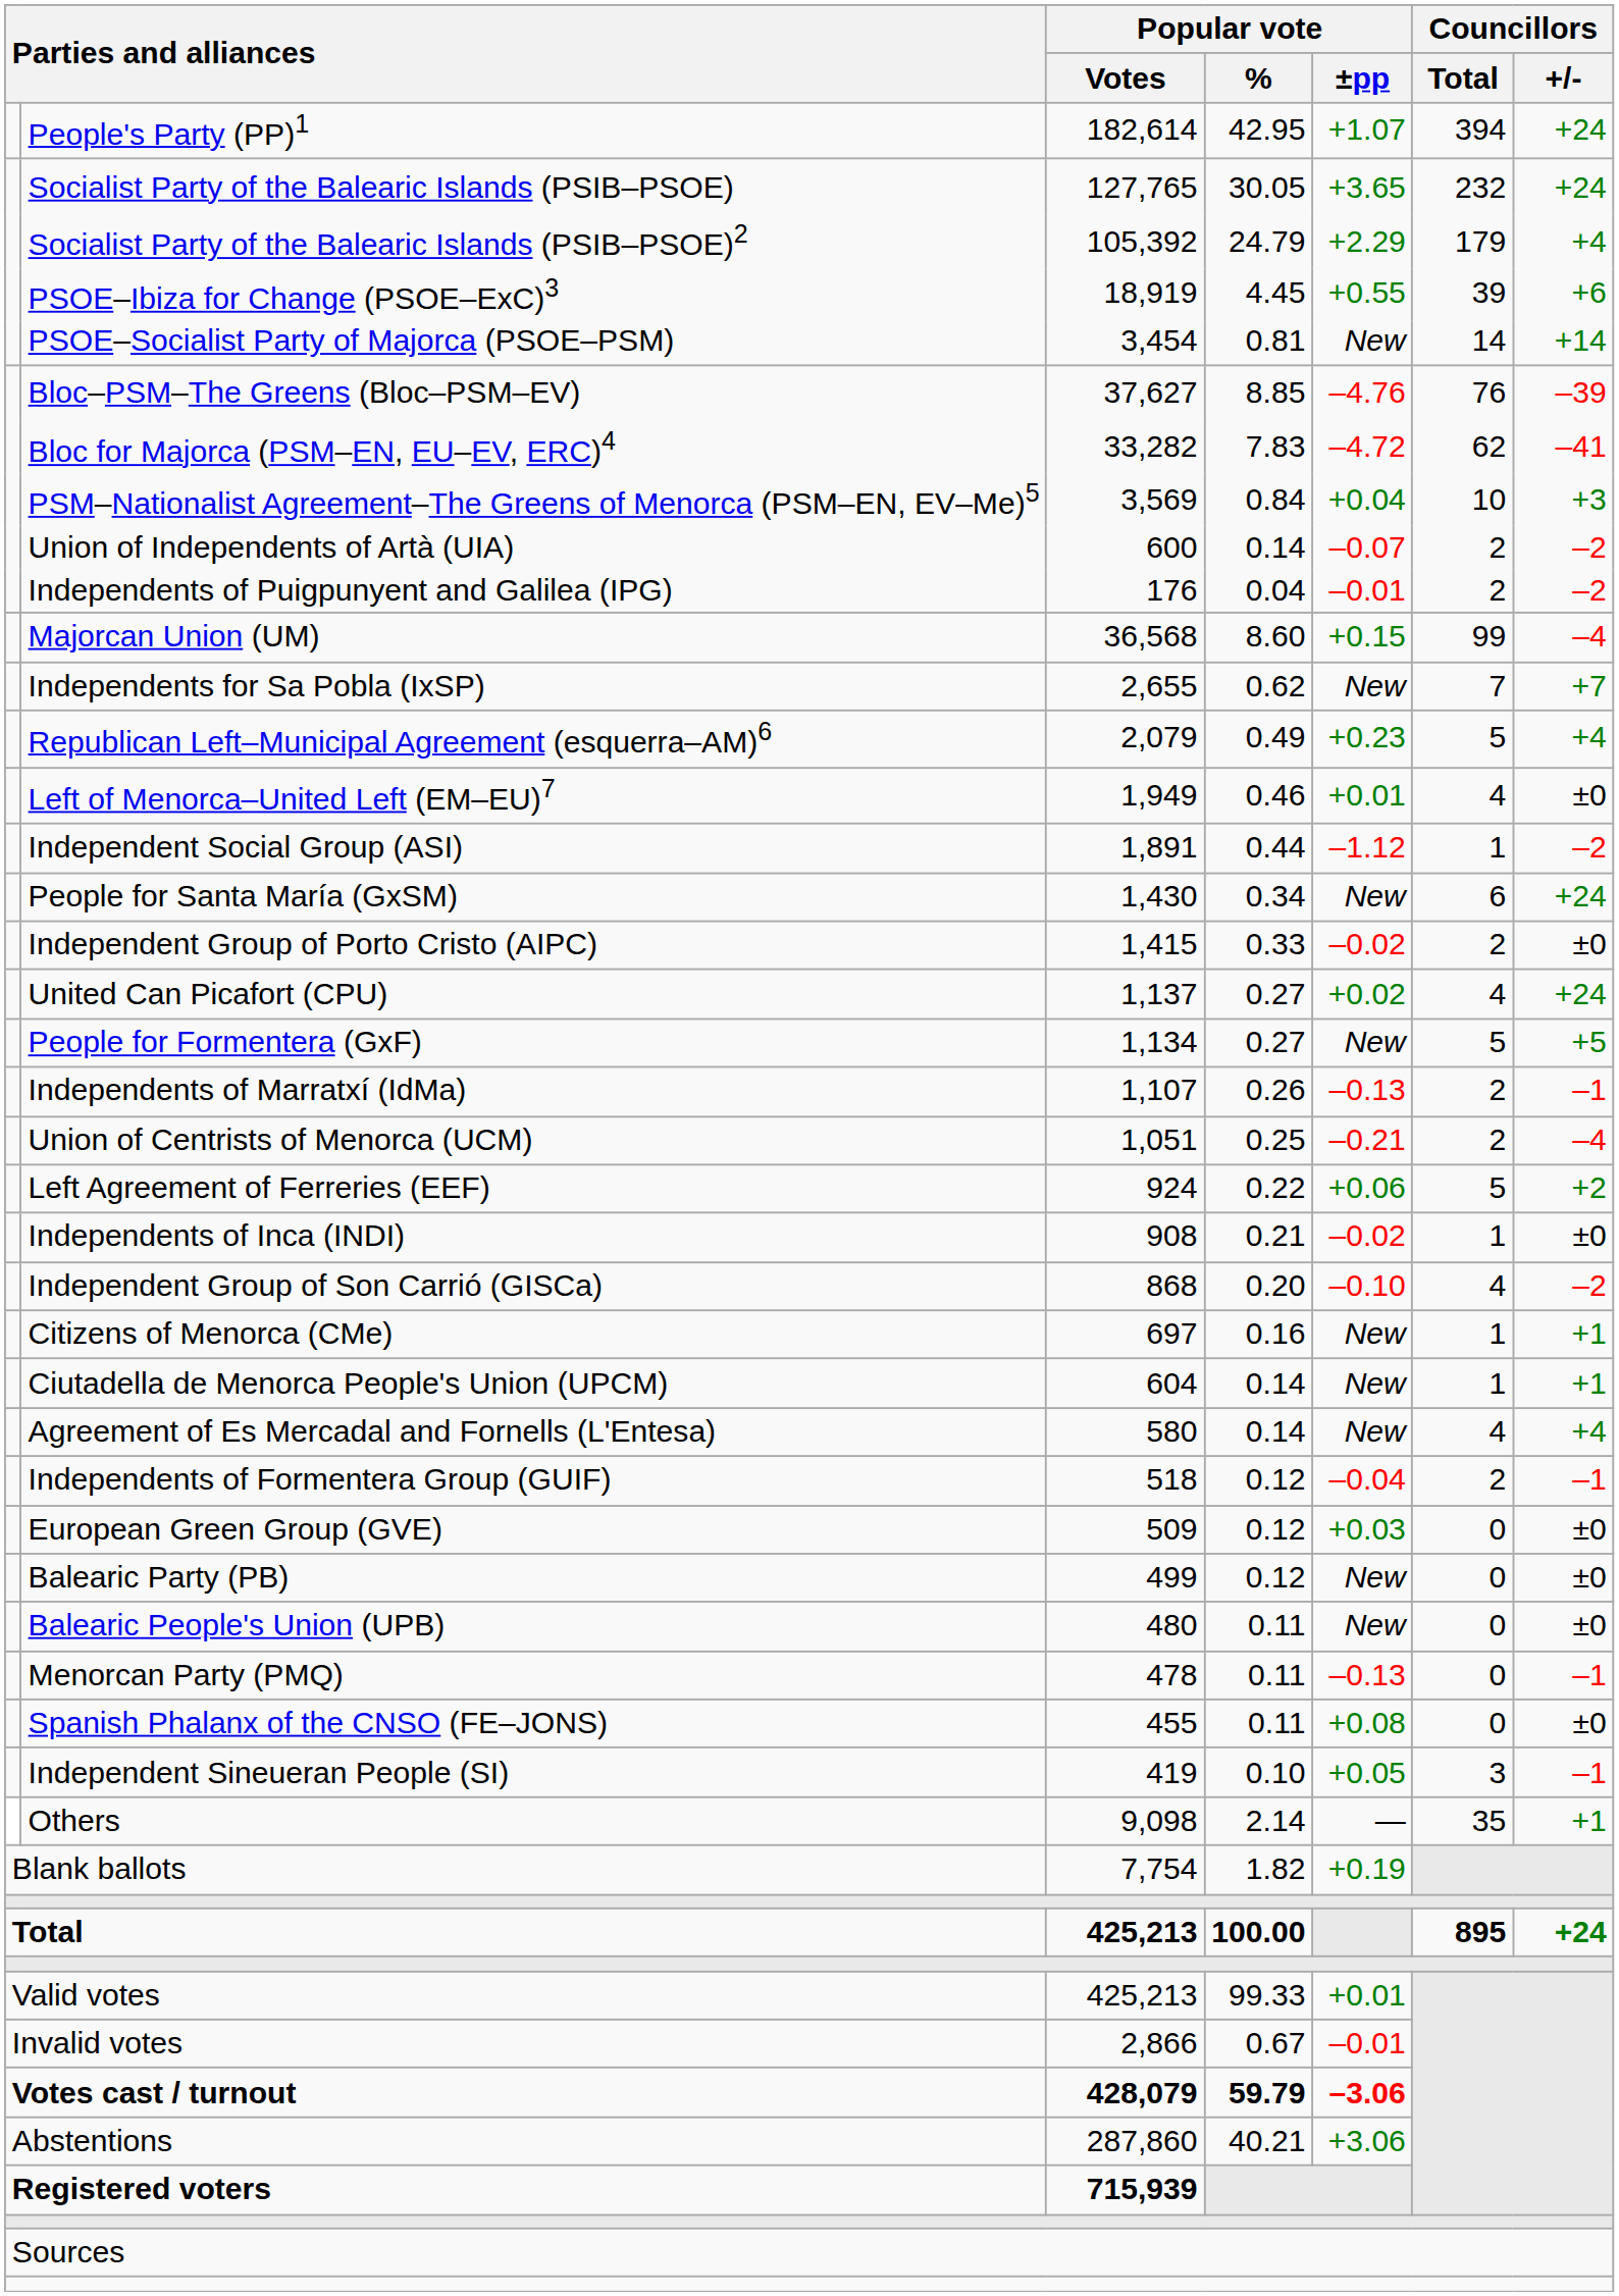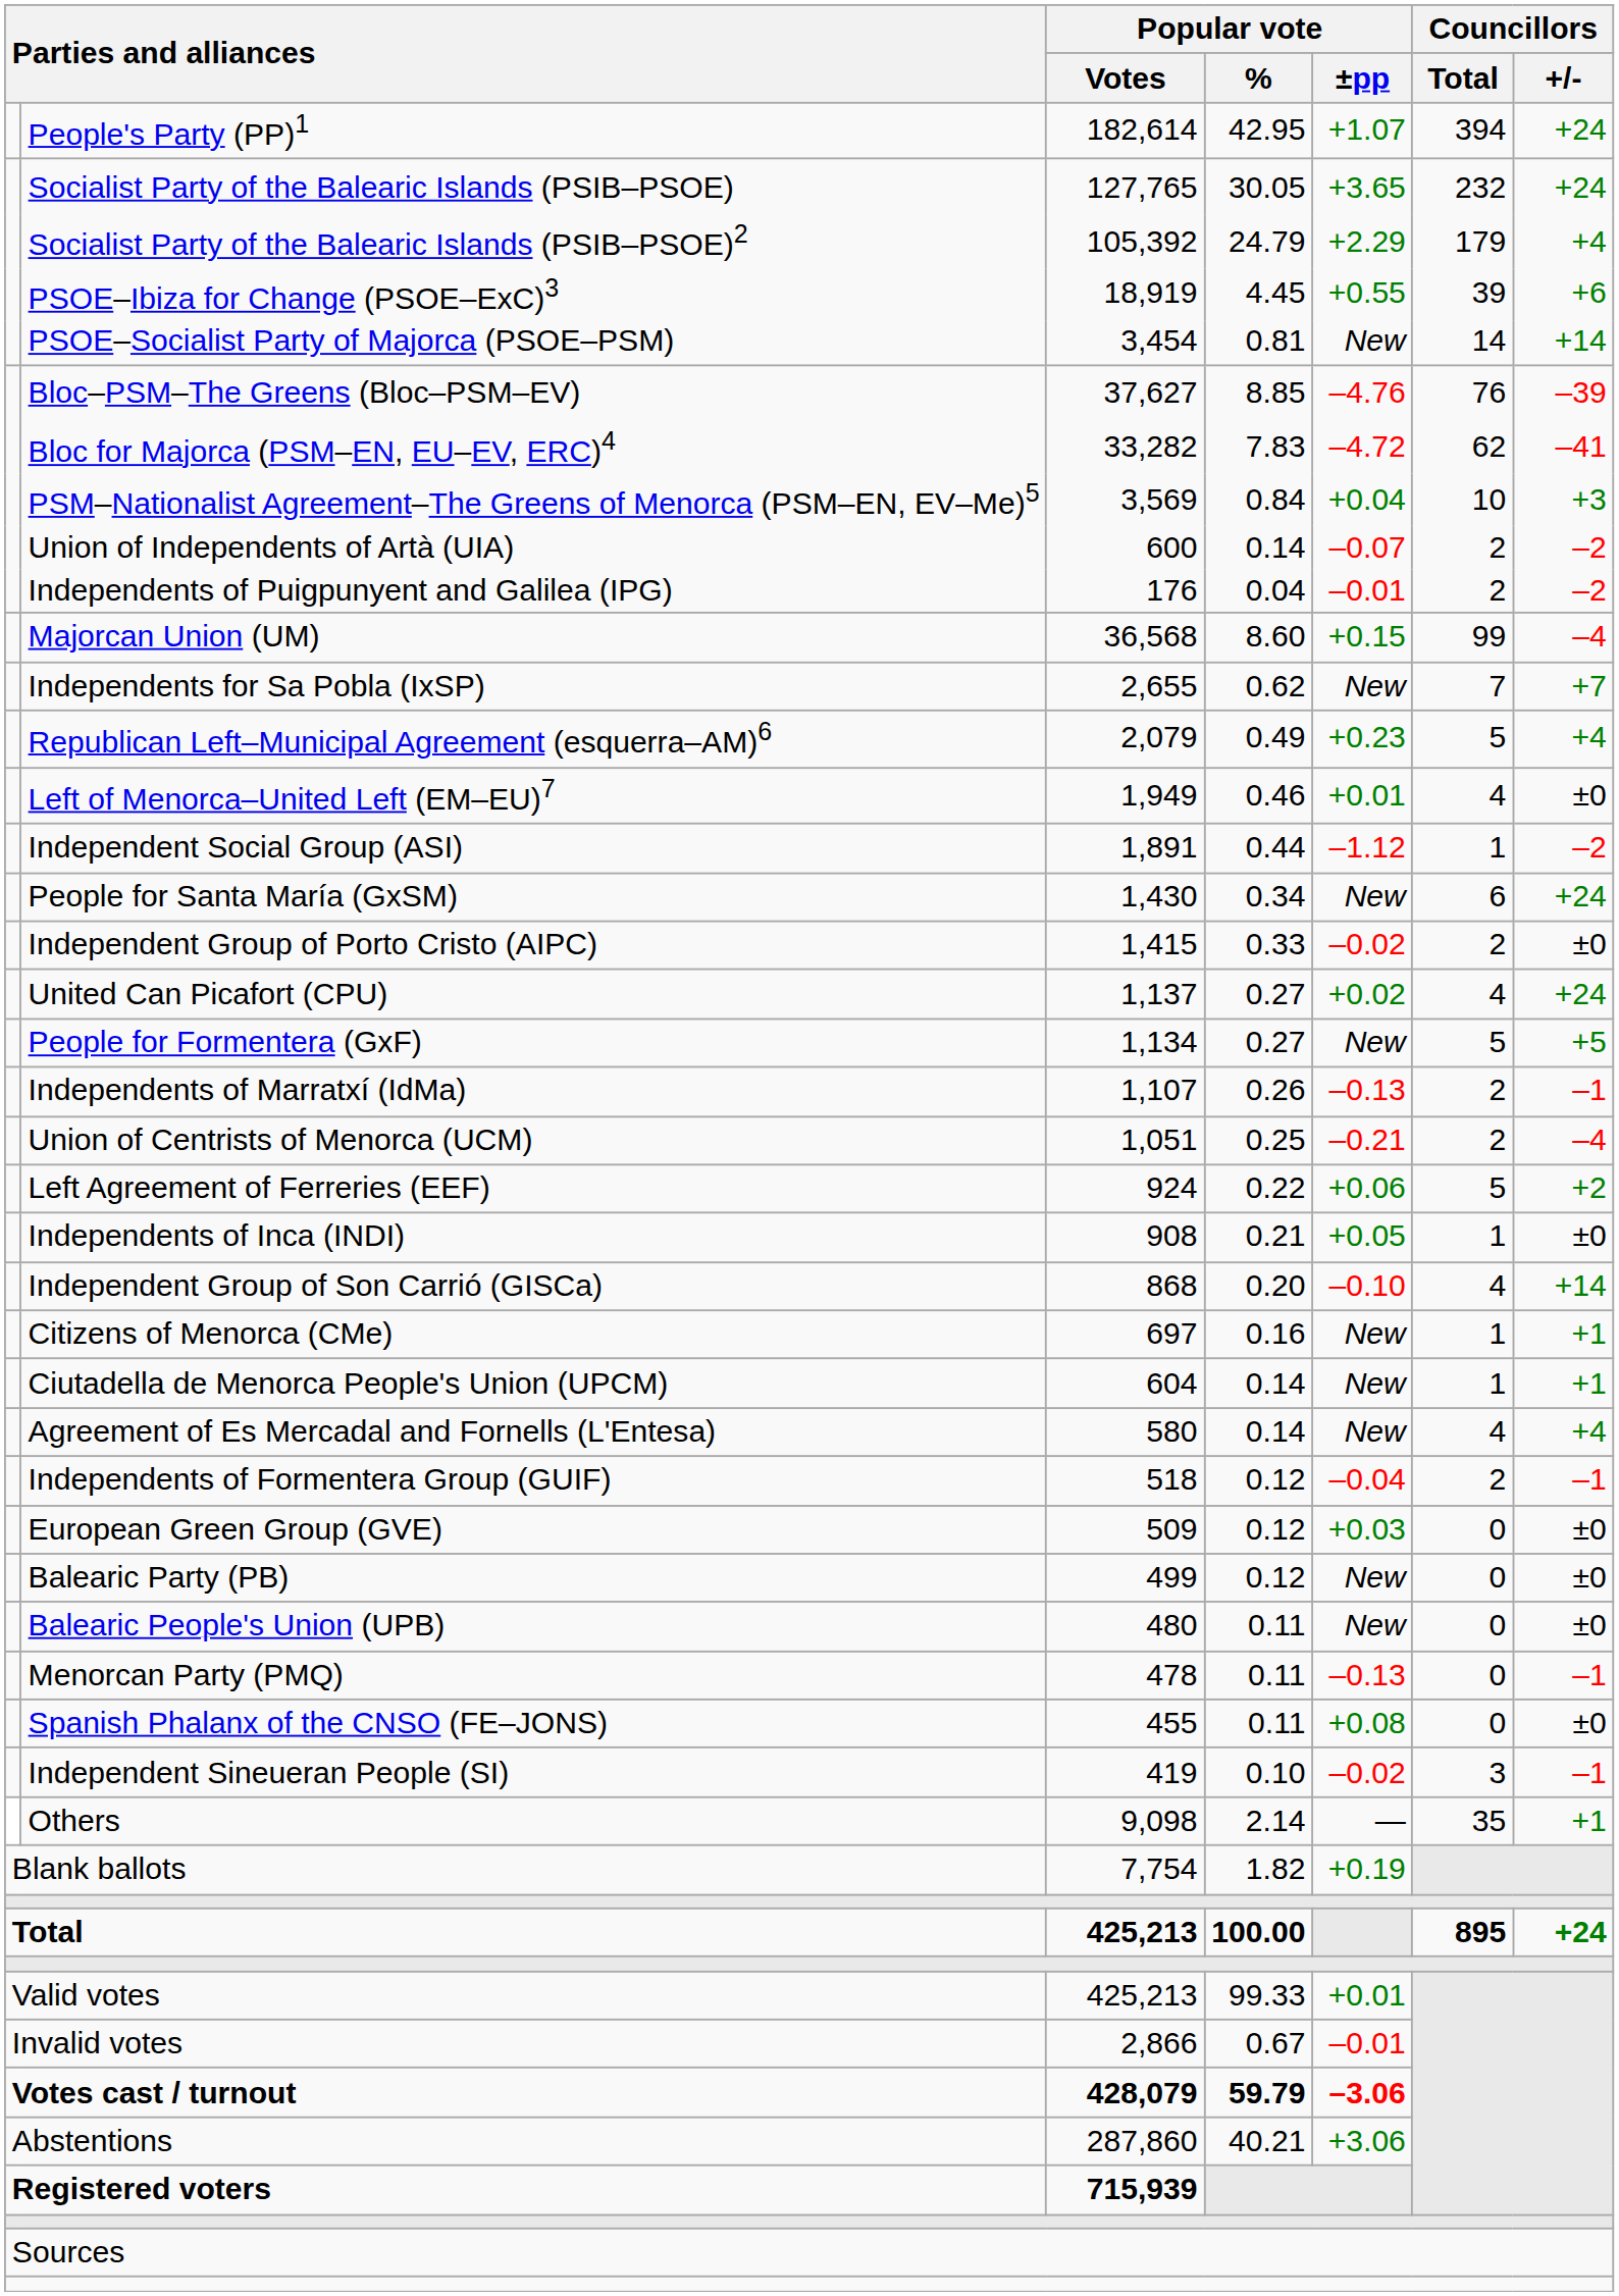 <table class="wikitable" style="text-align:right;">
 <tr>
 <th style="text-align:left;" rowspan="2" colspan="2" width="525">Parties and alliances</th>
 <th colspan="3">Popular vote</th>
 <th colspan="2">Councillors</th>
 </tr>
 <tr>
 <th width="75">Votes</th>
 <th width="45">%</th>
 <th width="45">±<a href='#'>pp</a></th>
 <th width="45">Total</th>
 <th width="45">+/-</th>
 </tr>
 <tr>
 <td width="1" style="color:inherit;background:"></td>
 <td align="left"><a href='#'>People's Party</a> (PP)<sup>1</sup></td>
 <td>182,614</td>
 <td>42.95</td>
 <td style="color:green;">+1.07</td>
 <td>394</td>
 <td style="color:green;">+24</td>
 </tr>
 <tr style="line-height:22px;">
 <td rowspan="4" style="color:inherit;background:"></td>
 <td align="left"><a href='#'>Socialist Party of the Balearic Islands</a> (PSIB–PSOE)</td>
 <td>127,765</td>
 <td>30.05</td>
 <td style="color:green;">+3.65</td>
 <td>232</td>
 <td style="color:green;">+24</td>
 </tr>
 <tr style="border-bottom-style:hidden; border-top-style:hidden; line-height:16px;">
 <td align="left"><span><a href='#'>Socialist Party of the Balearic Islands</a> (PSIB–PSOE)<sup>2</sup></span></td>
 <td>105,392</td>
 <td>24.79</td>
 <td style="color:green;">+2.29</td>
 <td>179</td>
 <td style="color:green;">+4</td>
 </tr>
 <tr style="border-bottom-style:hidden; line-height:16px;">
 <td align="left"><span><a href='#'>PSOE</a>–<a href='#'>Ibiza for Change</a> (PSOE–ExC)<sup>3</sup></span></td>
 <td>18,919</td>
 <td>4.45</td>
 <td style="color:green;">+0.55</td>
 <td>39</td>
 <td style="color:green;">+6</td>
 </tr>
 <tr style="line-height:16px;">
 <td align="left"><span><a href='#'>PSOE</a>–<a href='#'>Socialist Party of Majorca</a> (PSOE–PSM)</span></td>
 <td>3,454</td>
 <td>0.81</td>
 <td><em>New</em></td>
 <td>14</td>
 <td style="color:green;">+14</td>
 </tr>
 <tr style="line-height:22px;">
 <td rowspan="5" style="color:inherit;background:"></td>
 <td align="left"><a href='#'>Bloc</a>–<a href='#'>PSM</a>–<a href='#'>The Greens</a> (Bloc–PSM–EV)</td>
 <td>37,627</td>
 <td>8.85</td>
 <td style="color:red;">–4.76</td>
 <td>76</td>
 <td style="color:red;">–39</td>
 </tr>
 <tr style="border-bottom-style:hidden; border-top-style:hidden; line-height:16px;">
 <td align="left"><span><a href='#'>Bloc for Majorca</a> (<a href='#'>PSM</a>–<a href='#'>EN</a>, <a href='#'>EU</a>–<a href='#'>EV</a>, <a href='#'>ERC</a>)<sup>4</sup></span></td>
 <td>33,282</td>
 <td>7.83</td>
 <td style="color:red;">–4.72</td>
 <td>62</td>
 <td style="color:red;">–41</td>
 </tr>
 <tr style="border-bottom-style:hidden; line-height:16px;">
 <td align="left"><span><a href='#'>PSM</a>–<a href='#'>Nationalist Agreement</a>–<a href='#'>The Greens of Menorca</a> (PSM–EN, EV–Me)<sup>5</sup></span></td>
 <td>3,569</td>
 <td>0.84</td>
 <td style="color:green;">+0.04</td>
 <td>10</td>
 <td style="color:green;">+3</td>
 </tr>
 <tr style="border-bottom-style:hidden; line-height:16px;">
 <td align="left"><span>Union of Independents of Artà (UIA)</span></td>
 <td>600</td>
 <td>0.14</td>
 <td style="color:red;">–0.07</td>
 <td>2</td>
 <td style="color:red;">–2</td>
 </tr>
 <tr style="line-height:16px;">
 <td align="left"><span>Independents of Puigpunyent and Galilea (IPG)</span></td>
 <td>176</td>
 <td>0.04</td>
 <td style="color:red;">–0.01</td>
 <td>2</td>
 <td style="color:red;">–2</td>
 </tr>
 <tr>
 <td style="color:inherit;background:"></td>
 <td align="left"><a href='#'>Majorcan Union</a> (UM)</td>
 <td>36,568</td>
 <td>8.60</td>
 <td style="color:green;">+0.15</td>
 <td>99</td>
 <td style="color:red;">–4</td>
 </tr>
 <tr>
 <td style="color:inherit;background:"></td>
 <td align="left">Independents for Sa Pobla (IxSP)</td>
 <td>2,655</td>
 <td>0.62</td>
 <td><em>New</em></td>
 <td>7</td>
 <td style="color:green;">+7</td>
 </tr>
 <tr>
 <td style="color:inherit;background:"></td>
 <td align="left"><a href='#'>Republican Left–Municipal Agreement</a> (esquerra–AM)<sup>6</sup></td>
 <td>2,079</td>
 <td>0.49</td>
 <td style="color:green;">+0.23</td>
 <td>5</td>
 <td style="color:green;">+4</td>
 </tr>
 <tr>
 <td style="color:inherit;background:"></td>
 <td align="left"><a href='#'>Left of Menorca–United Left</a> (EM–EU)<sup>7</sup></td>
 <td>1,949</td>
 <td>0.46</td>
 <td style="color:green;">+0.01</td>
 <td>4</td>
 <td>±0</td>
 </tr>
 <tr>
 <td style="color:inherit;background:"></td>
 <td align="left">Independent Social Group (ASI)</td>
 <td>1,891</td>
 <td>0.44</td>
 <td style="color:red;">–1.12</td>
 <td>1</td>
 <td style="color:red;">–2</td>
 </tr>
 <tr>
 <td style="color:inherit;background:"></td>
 <td align="left">People for Santa María (GxSM)</td>
 <td>1,430</td>
 <td>0.34</td>
 <td><em>New</em></td>
 <td>6</td>
 <td style="color:green;">+24</td>
 </tr>
 <tr>
 <td style="color:inherit;background:"></td>
 <td align="left">Independent Group of Porto Cristo (AIPC)</td>
 <td>1,415</td>
 <td>0.33</td>
 <td style="color:red;">–0.02</td>
 <td>2</td>
 <td>±0</td>
 </tr>
 <tr>
 <td style="color:inherit;background:"></td>
 <td align="left">United Can Picafort (CPU)</td>
 <td>1,137</td>
 <td>0.27</td>
 <td style="color:green;">+0.02</td>
 <td>4</td>
 <td style="color:green;">+24</td>
 </tr>
 <tr>
 <td style="color:inherit;background:"></td>
 <td align="left"><a href='#'>People for Formentera</a> (GxF)</td>
 <td>1,134</td>
 <td>0.27</td>
 <td><em>New</em></td>
 <td>5</td>
 <td style="color:green;">+5</td>
 </tr>
 <tr>
 <td style="color:inherit;background:"></td>
 <td align="left">Independents of Marratxí (IdMa)</td>
 <td>1,107</td>
 <td>0.26</td>
 <td style="color:red;">–0.13</td>
 <td>2</td>
 <td style="color:red;">–1</td>
 </tr>
 <tr>
 <td style="color:inherit;background:"></td>
 <td align="left">Union of Centrists of Menorca (UCM)</td>
 <td>1,051</td>
 <td>0.25</td>
 <td style="color:red;">–0.21</td>
 <td>2</td>
 <td style="color:red;">–4</td>
 </tr>
 <tr>
 <td style="color:inherit;background:"></td>
 <td align="left">Left Agreement of Ferreries (EEF)</td>
 <td>924</td>
 <td>0.22</td>
 <td style="color:green;">+0.06</td>
 <td>5</td>
 <td style="color:green;">+2</td>
 </tr>
 <tr>
 <td style="color:inherit;background:"></td>
 <td align="left">Independents of Inca (INDI)</td>
 <td>908</td>
 <td>0.21</td>
-<td style="color:red;">–0.02</td>
+<td style="color:green;">+0.05</td>
 <td>1</td>
 <td>±0</td>
 </tr>
 <tr>
 <td style="color:inherit;background:"></td>
 <td align="left">Independent Group of Son Carrió (GISCa)</td>
 <td>868</td>
 <td>0.20</td>
 <td style="color:red;">–0.10</td>
 <td>4</td>
-<td style="color:red;">–2</td>
+<td style="color:green;">+14</td>
 </tr>
 <tr>
 <td style="color:inherit;background:"></td>
 <td align="left">Citizens of Menorca (CMe)</td>
 <td>697</td>
 <td>0.16</td>
 <td><em>New</em></td>
 <td>1</td>
 <td style="color:green;">+1</td>
 </tr>
 <tr>
 <td style="color:inherit;background:"></td>
 <td align="left">Ciutadella de Menorca People's Union (UPCM)</td>
 <td>604</td>
 <td>0.14</td>
 <td><em>New</em></td>
 <td>1</td>
 <td style="color:green;">+1</td>
 </tr>
 <tr>
 <td style="color:inherit;background:"></td>
 <td align="left">Agreement of Es Mercadal and Fornells (L'Entesa)</td>
 <td>580</td>
 <td>0.14</td>
 <td><em>New</em></td>
 <td>4</td>
 <td style="color:green;">+4</td>
 </tr>
 <tr>
 <td style="color:inherit;background:"></td>
 <td align="left">Independents of Formentera Group (GUIF)</td>
 <td>518</td>
 <td>0.12</td>
 <td style="color:red;">–0.04</td>
 <td>2</td>
 <td style="color:red;">–1</td>
 </tr>
 <tr>
 <td style="color:inherit;background:"></td>
 <td align="left">European Green Group (GVE)</td>
 <td>509</td>
 <td>0.12</td>
 <td style="color:green;">+0.03</td>
 <td>0</td>
 <td>±0</td>
 </tr>
 <tr>
 <td style="color:inherit;background:"></td>
 <td align="left">Balearic Party (PB)</td>
 <td>499</td>
 <td>0.12</td>
 <td><em>New</em></td>
 <td>0</td>
 <td>±0</td>
 </tr>
 <tr>
 <td style="color:inherit;background:"></td>
 <td align="left"><a href='#'>Balearic People's Union</a> (UPB)</td>
 <td>480</td>
 <td>0.11</td>
 <td><em>New</em></td>
 <td>0</td>
 <td>±0</td>
 </tr>
 <tr>
 <td style="color:inherit;background:"></td>
 <td align="left">Menorcan Party (PMQ)</td>
 <td>478</td>
 <td>0.11</td>
 <td style="color:red;">–0.13</td>
 <td>0</td>
 <td style="color:red;">–1</td>
 </tr>
 <tr>
 <td style="color:inherit;background:"></td>
 <td align="left"><a href='#'>Spanish Phalanx of the CNSO</a> (FE–JONS)</td>
 <td>455</td>
 <td>0.11</td>
 <td style="color:green;">+0.08</td>
 <td>0</td>
 <td>±0</td>
 </tr>
 <tr>
 <td style="color:inherit;background:"></td>
 <td align="left">Independent Sineueran People (SI)</td>
 <td>419</td>
 <td>0.10</td>
-<td style="color:green;">+0.05</td>
+<td style="color:red;">–0.02</td>
 <td>3</td>
 <td style="color:red;">–1</td>
 </tr>
 <tr>
 <td bgcolor="white"></td>
 <td align="left">Others</td>
 <td>9,098</td>
 <td>2.14</td>
 <td>—</td>
 <td>35</td>
 <td style="color:green;">+1</td>
 </tr>
 <tr>
 <td align="left" colspan="2">Blank ballots</td>
 <td>7,754</td>
 <td>1.82</td>
 <td style="color:green;">+0.19</td>
 <td bgcolor="#E9E9E9" colspan="2"></td>
 </tr>
 <tr>
 <td colspan="7" bgcolor="#E9E9E9"></td>
 </tr>
 <tr style="font-weight:bold;">
 <td align="left" colspan="2">Total</td>
 <td>425,213</td>
 <td>100.00</td>
 <td bgcolor="#E9E9E9"></td>
 <td>895</td>
 <td style="color:green;">+24</td>
 </tr>
 <tr>
 <td colspan="7" bgcolor="#E9E9E9"></td>
 </tr>
 <tr>
 <td align="left" colspan="2">Valid votes</td>
 <td>425,213</td>
 <td>99.33</td>
 <td style="color:green;">+0.01</td>
 <td bgcolor="#E9E9E9" colspan="2" rowspan="5"></td>
 </tr>
 <tr>
 <td align="left" colspan="2">Invalid votes</td>
 <td>2,866</td>
 <td>0.67</td>
 <td style="color:red;">–0.01</td>
 </tr>
 <tr style="font-weight:bold;">
 <td align="left" colspan="2">Votes cast / turnout</td>
 <td>428,079</td>
 <td>59.79</td>
 <td style="color:red;">–3.06</td>
 </tr>
 <tr>
 <td align="left" colspan="2">Abstentions</td>
 <td>287,860</td>
 <td>40.21</td>
 <td style="color:green;">+3.06</td>
 </tr>
 <tr style="font-weight:bold;">
 <td align="left" colspan="2">Registered voters</td>
 <td>715,939</td>
 <td bgcolor="#E9E9E9" colspan="2"></td>
 </tr>
 <tr>
 <td colspan="7" bgcolor="#E9E9E9"></td>
 </tr>
 <tr>
 <td align="left" colspan="7">Sources</td>
 </tr>
 <tr>
 <td colspan="7" style="text-align:left; max-width:790px;"></td>
 </tr>
 </table>
